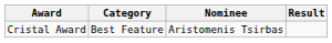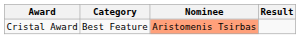 <table class="wikitable sortable">
 <tr>
 <th>Award</th>
 <th>Category</th>
 <th>Nominee</th>
 <th>Result</th>
 </tr>
 <tr>
 <td rowspan="2">Cristal Award</td>
 <td>Best Feature</td>
-<td>Aristomenis Tsirbas</td>
+<td style="background: lightsalmon;">Aristomenis Tsirbas</td>
 <td></td>
 </tr>
 </table>
